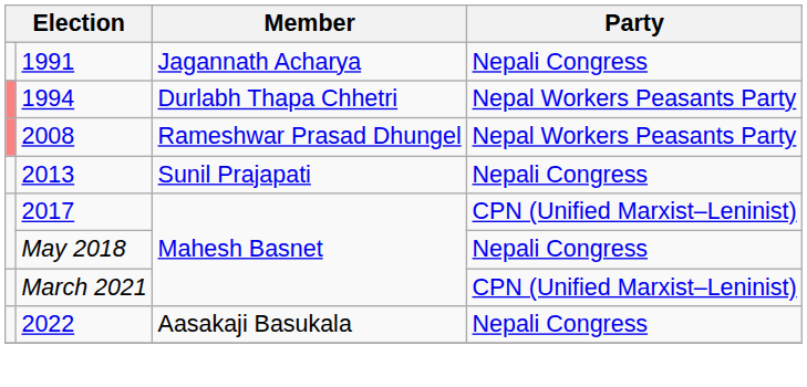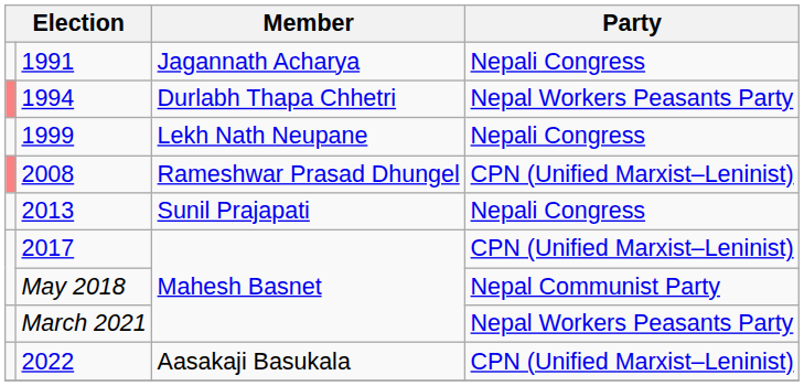 <table class="wikitable">
 <tr>
 <th colspan="2">Election</th>
 <th>Member</th>
 <th>Party</th>
 </tr>
 <tr>
 <td style="background-color:"></td>
 <td><a href='#'>1991</a></td>
 <td><a href='#'>Jagannath Acharya</a></td>
 <td><a href='#'>Nepali Congress</a></td>
 </tr>
 <tr>
 <td style="background-color:#FF8080"></td>
 <td><a href='#'>1994</a></td>
 <td><a href='#'>Durlabh Thapa Chhetri</a></td>
 <td><a href='#'>Nepal Workers Peasants Party</a></td>
 </tr>
 <tr>
+<td style="background-color:"></td>
+<td><a href='#'>1999</a></td>
+<td><a href='#'>Lekh Nath Neupane</a></td>
+<td><a href='#'>Nepali Congress</a></td>
+</tr>
+<tr>
 <td style="background-color:#FF8080"></td>
 <td><a href='#'>2008</a></td>
 <td><a href='#'>Rameshwar Prasad Dhungel</a></td>
-<td><a href='#'>Nepal Workers Peasants Party</a></td>
+<td><a href='#'>CPN (Unified Marxist–Leninist)</a></td>
 </tr>
 <tr>
 <td style="background-color:"></td>
 <td><a href='#'>2013</a></td>
 <td><a href='#'>Sunil Prajapati</a></td>
 <td><a href='#'>Nepali Congress</a></td>
 </tr>
 <tr>
 <td rowspan="2" style="background-color:"></td>
 <td><a href='#'>2017</a></td>
 <td rowspan="3"><a href='#'>Mahesh Basnet</a></td>
 <td><a href='#'>CPN (Unified Marxist–Leninist)</a></td>
 </tr>
 <tr>
 <td><em>May 2018</em></td>
-<td><a href='#'>Nepali Congress</a></td>
+<td><a href='#'>Nepal Communist Party</a></td>
 </tr>
 <tr>
 <td></td>
 <td><em>March 2021</em></td>
-<td><a href='#'>CPN (Unified Marxist–Leninist)</a></td>
+<td><a href='#'>Nepal Workers Peasants Party</a></td>
 </tr>
 <tr>
 <td style="background-color:"></td>
 <td><a href='#'>2022</a></td>
 <td>Aasakaji Basukala</td>
-<td><a href='#'>Nepali Congress</a></td>
+<td><a href='#'>CPN (Unified Marxist–Leninist)</a></td>
 </tr>
 <tr>
 </tr>
 </table>
